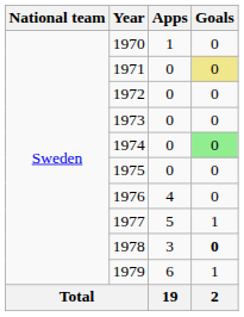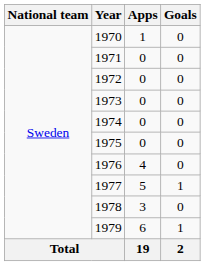 <table class="wikitable" style="text-align:center">
 <tr>
 <th>National team</th>
 <th>Year</th>
 <th>Apps</th>
 <th>Goals</th>
 </tr>
 <tr>
 <td rowspan="10"><a href='#'>Sweden</a></td>
 <td>1970</td>
 <td>1</td>
 <td>0</td>
 </tr>
 <tr>
 <td>1971</td>
 <td>0</td>
-<td style="background: khaki;">0</td>
+<td>0</td>
 </tr>
 <tr>
 <td>1972</td>
 <td>0</td>
 <td>0</td>
 </tr>
 <tr>
 <td>1973</td>
 <td>0</td>
 <td>0</td>
 </tr>
 <tr>
 <td>1974</td>
 <td>0</td>
-<td style="background: lightgreen;">0</td>
+<td>0</td>
 </tr>
 <tr>
 <td>1975</td>
 <td>0</td>
 <td>0</td>
 </tr>
 <tr>
 <td>1976</td>
 <td>4</td>
 <td>0</td>
 </tr>
 <tr>
 <td>1977</td>
 <td>5</td>
 <td>1</td>
 </tr>
 <tr>
 <td>1978</td>
 <td>3</td>
-<td><strong>0</strong></td>
+<td>0</td>
 </tr>
 <tr>
 <td>1979</td>
 <td>6</td>
 <td>1</td>
 </tr>
 <tr>
 <th colspan="2">Total</th>
 <th>19</th>
 <th>2</th>
 </tr>
 </table>
